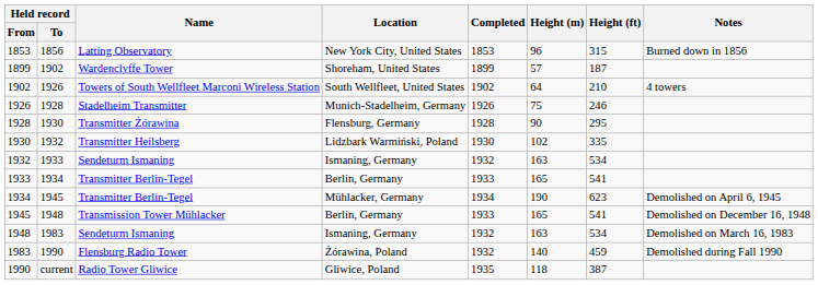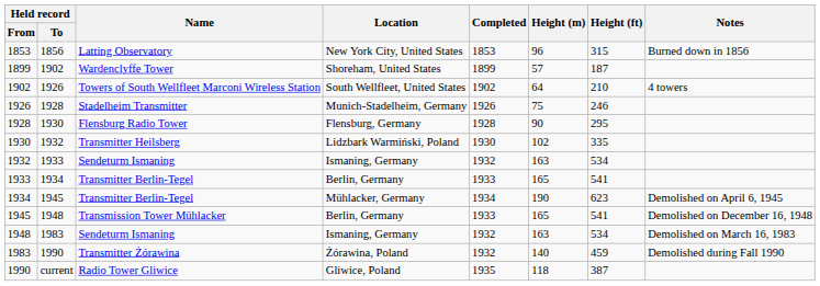 <table class="sortable wikitable">
 <tr>
 <th colspan="2">Held record</th>
 <th rowspan="2">Name</th>
 <th rowspan="2">Location</th>
 <th rowspan="2">Completed</th>
 <th rowspan="2">Height (m)</th>
 <th rowspan="2">Height (ft)</th>
 <th rowspan="2">Notes</th>
 </tr>
 <tr>
 <th>From</th>
 <th>To</th>
 </tr>
 <tr>
 <td>1853</td>
 <td>1856</td>
 <td><a href='#'>Latting Observatory</a></td>
 <td>New York City, United States</td>
 <td>1853</td>
 <td>96</td>
 <td>315</td>
 <td>Burned down in 1856</td>
 </tr>
 <tr>
 <td>1899</td>
 <td>1902</td>
 <td><a href='#'>Wardenclyffe Tower</a></td>
 <td>Shoreham, United States</td>
 <td>1899</td>
 <td>57</td>
 <td>187</td>
 <td></td>
 </tr>
 <tr>
 <td>1902</td>
 <td>1926</td>
 <td><a href='#'>Towers of South Wellfleet Marconi Wireless Station</a></td>
 <td>South Wellfleet, United States</td>
 <td>1902</td>
 <td>64</td>
 <td>210</td>
 <td>4 towers</td>
 </tr>
 <tr>
 <td>1926</td>
 <td>1928</td>
 <td><a href='#'>Stadelheim Transmitter</a></td>
 <td>Munich-Stadelheim, Germany</td>
 <td>1926</td>
 <td>75</td>
 <td>246</td>
 <td></td>
 </tr>
 <tr>
 <td>1928</td>
 <td>1930</td>
-<td><a href='#'>Transmitter Żórawina</a></td>
+<td><a href='#'>Flensburg Radio Tower</a></td>
 <td>Flensburg, Germany</td>
 <td>1928</td>
 <td>90</td>
 <td>295</td>
 <td></td>
 </tr>
 <tr>
 <td>1930</td>
 <td>1932</td>
 <td><a href='#'>Transmitter Heilsberg</a></td>
 <td>Lidzbark Warmiński, Poland</td>
 <td>1930</td>
 <td>102</td>
 <td>335</td>
 <td></td>
 </tr>
 <tr>
 <td>1932</td>
 <td>1933</td>
 <td><a href='#'>Sendeturm Ismaning</a></td>
 <td>Ismaning, Germany</td>
 <td>1932</td>
 <td>163</td>
 <td>534</td>
 <td></td>
 </tr>
 <tr>
 <td>1933</td>
 <td>1934</td>
 <td><a href='#'>Transmitter Berlin-Tegel</a></td>
 <td>Berlin, Germany</td>
 <td>1933</td>
 <td>165</td>
 <td>541</td>
 <td></td>
 </tr>
 <tr>
 <td>1934</td>
 <td>1945</td>
 <td><a href='#'>Transmitter Berlin-Tegel</a></td>
 <td>Mühlacker, Germany</td>
 <td>1934</td>
 <td>190</td>
 <td>623</td>
 <td>Demolished on April 6, 1945</td>
 </tr>
 <tr>
 <td>1945</td>
 <td>1948</td>
 <td><a href='#'>Transmission Tower Mühlacker</a></td>
 <td>Berlin, Germany</td>
 <td>1933</td>
 <td>165</td>
 <td>541</td>
 <td>Demolished on December 16, 1948</td>
 </tr>
 <tr>
 <td>1948</td>
 <td>1983</td>
 <td><a href='#'>Sendeturm Ismaning</a></td>
 <td>Ismaning, Germany</td>
 <td>1932</td>
 <td>163</td>
 <td>534</td>
 <td>Demolished on March 16, 1983</td>
 </tr>
 <tr>
 <td>1983</td>
 <td>1990</td>
-<td><a href='#'>Flensburg Radio Tower</a></td>
+<td><a href='#'>Transmitter Żórawina</a></td>
 <td>Żórawina, Poland</td>
 <td>1932</td>
 <td>140</td>
 <td>459</td>
 <td>Demolished during Fall 1990</td>
 </tr>
 <tr>
 <td>1990</td>
 <td>current</td>
 <td><a href='#'>Radio Tower Gliwice</a></td>
 <td>Gliwice, Poland</td>
 <td>1935</td>
 <td>118</td>
 <td>387</td>
 <td></td>
 </tr>
 </table>
